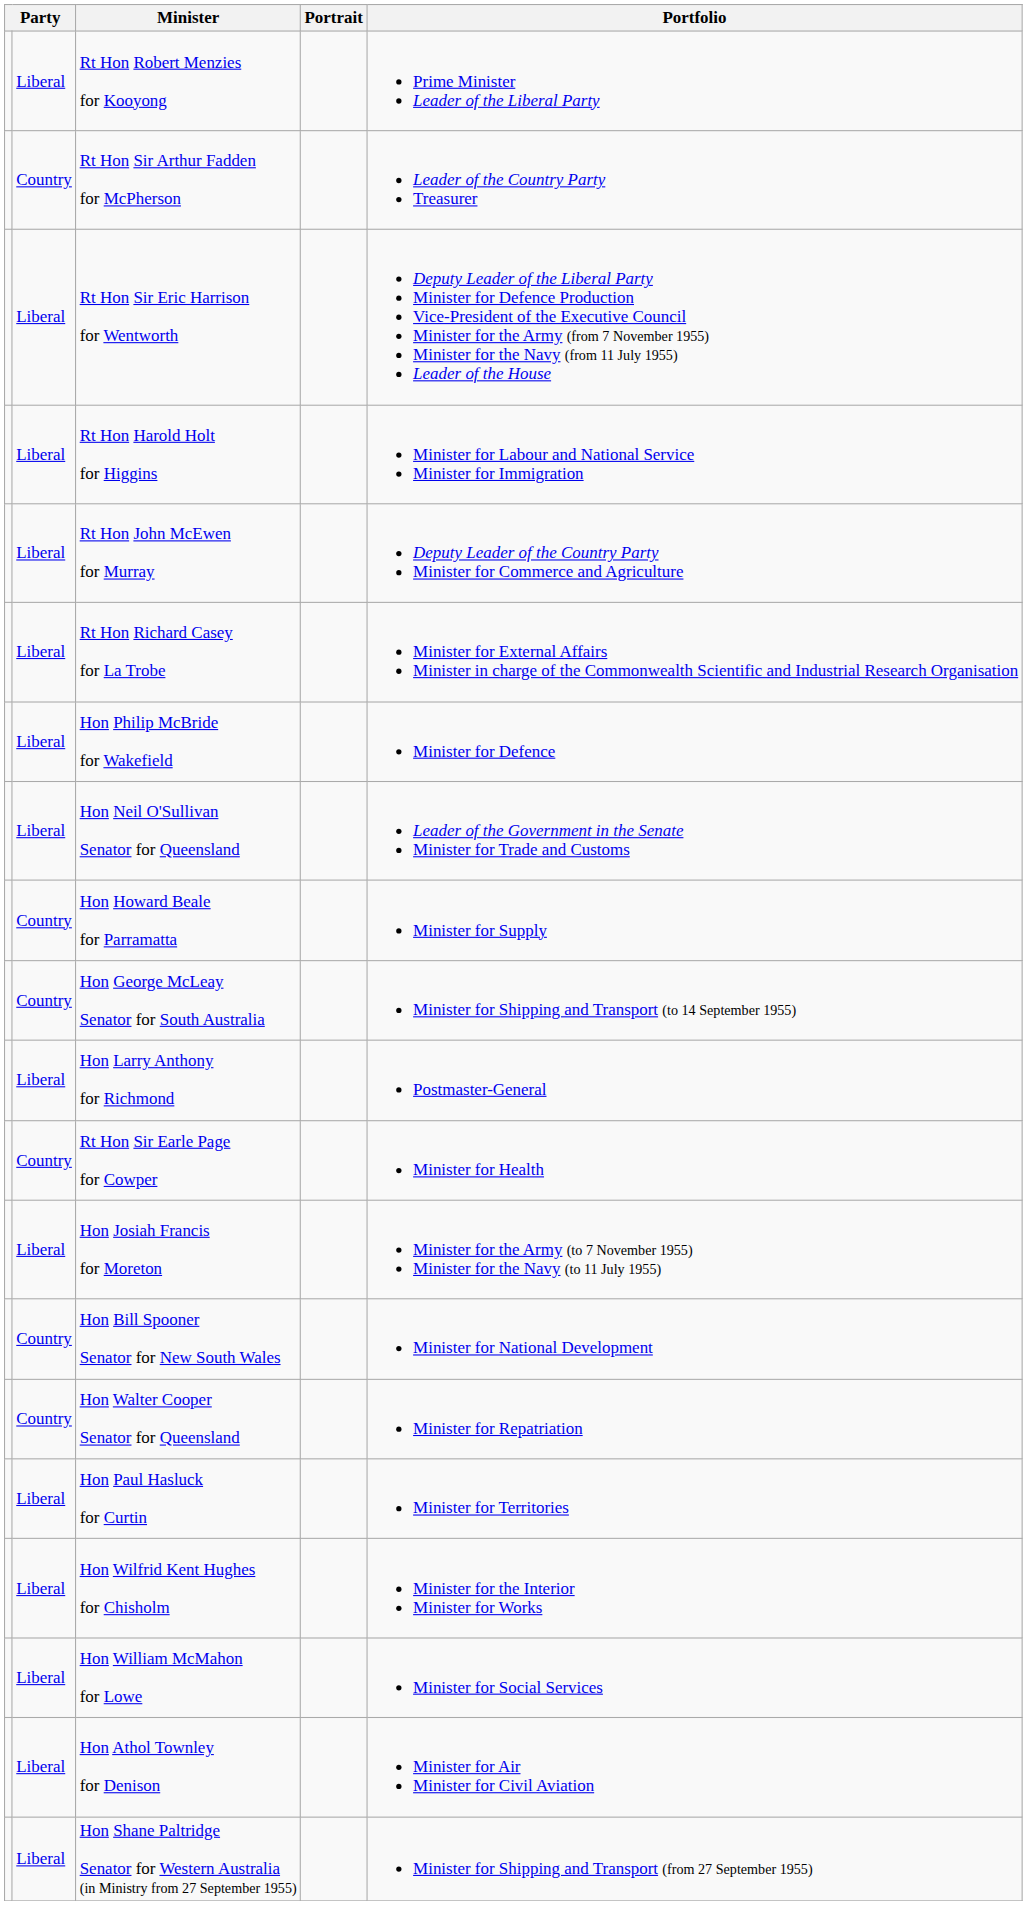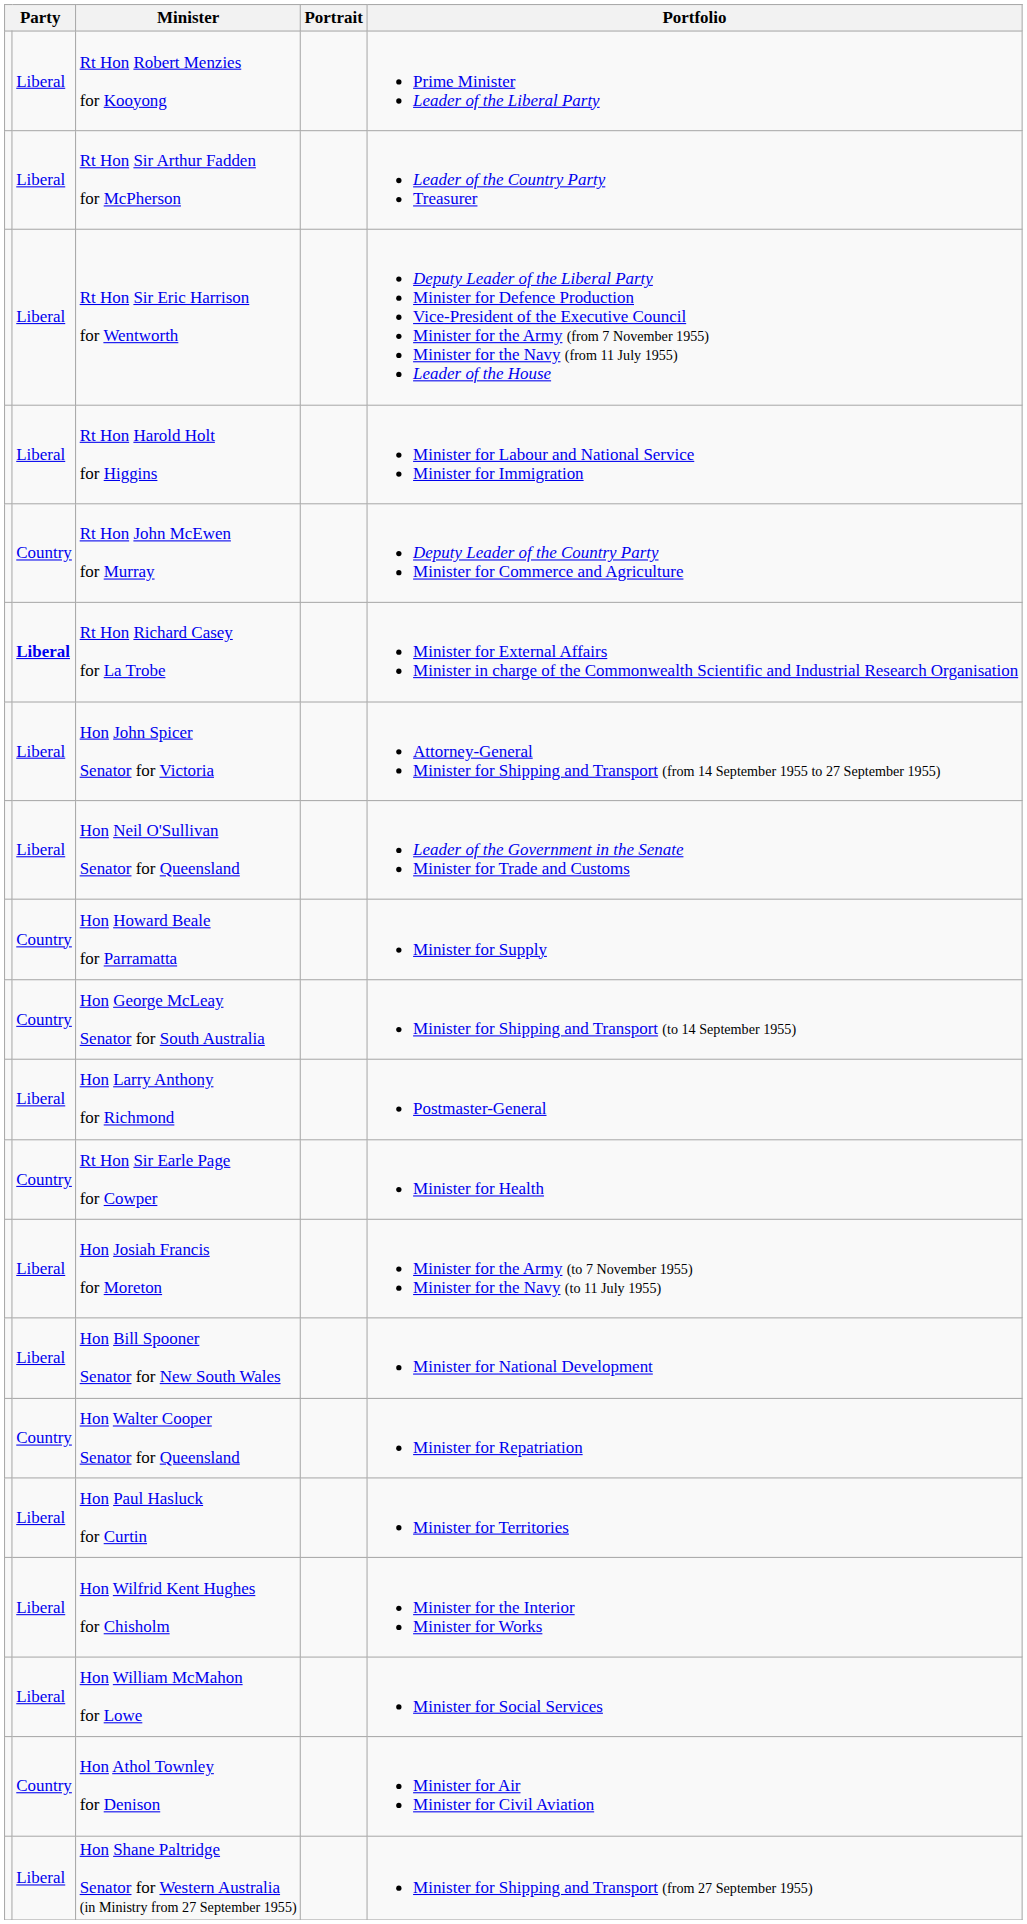 <table class="wikitable sortable">
 <tr>
 <th colspan="2">Party</th>
 <th>Minister</th>
 <th>Portrait</th>
 <th>Portfolio</th>
 </tr>
 <tr>
 <td></td>
 <td><a href='#'>Liberal</a></td>
 <td><a href='#'>Rt Hon</a> <a href='#'>Robert Menzies</a>   <br><br> for <a href='#'>Kooyong</a> <br></td>
 <td></td>
 <td><br><ul><li><a href='#'>Prime Minister</a></li><li><em><a href='#'>Leader of the Liberal Party</a></em></li></ul></td>
 </tr>
 <tr>
 <td></td>
-<td><a href='#'>Country</a></td>
+<td><a href='#'>Liberal</a></td>
 <td><a href='#'>Rt Hon</a> <a href='#'>Sir Arthur Fadden</a>  <br><br> for <a href='#'>McPherson</a> <br></td>
 <td></td>
 <td><br><ul><li><em><a href='#'>Leader of the Country Party</a></em></li><li><a href='#'>Treasurer</a></li></ul></td>
 </tr>
 <tr>
 <td></td>
 <td><a href='#'>Liberal</a></td>
 <td><a href='#'>Rt Hon</a> <a href='#'>Sir Eric Harrison</a>  <br><br> for <a href='#'>Wentworth</a> <br></td>
 <td></td>
 <td><br><ul><li><em><a href='#'>Deputy Leader of the Liberal Party</a></em></li><li><a href='#'>Minister for Defence Production</a></li><li><a href='#'>Vice-President of the Executive Council</a></li><li><a href='#'>Minister for the Army</a> <small>(from 7 November 1955)</small></li><li><a href='#'>Minister for the Navy</a> <small>(from 11 July 1955)</small></li><li><em><a href='#'>Leader of the House</a></em></li></ul></td>
 </tr>
 <tr>
 <td></td>
 <td><a href='#'>Liberal</a></td>
 <td><a href='#'>Rt Hon</a> <a href='#'>Harold Holt</a> <br><br> for <a href='#'>Higgins</a> <br></td>
 <td></td>
 <td><br><ul><li><a href='#'>Minister for Labour and National Service</a></li><li><a href='#'>Minister for Immigration</a></li></ul></td>
 </tr>
 <tr>
 <td></td>
-<td><a href='#'>Liberal</a></td>
+<td><a href='#'>Country</a></td>
 <td><a href='#'>Rt Hon</a> <a href='#'>John McEwen</a> <br><br> for <a href='#'>Murray</a> <br></td>
 <td></td>
 <td><br><ul><li><em><a href='#'>Deputy Leader of the Country Party</a></em></li><li><a href='#'>Minister for Commerce and Agriculture</a></li></ul></td>
 </tr>
 <tr>
 <td></td>
-<td><a href='#'>Liberal</a></td>
+<td><strong><a href='#'>Liberal</a></strong></td>
 <td><a href='#'>Rt Hon</a> <a href='#'>Richard Casey</a>    <br><br> for <a href='#'>La Trobe</a> <br></td>
 <td></td>
 <td><br><ul><li><a href='#'>Minister for External Affairs</a></li><li><a href='#'>Minister in charge of the Commonwealth Scientific and Industrial Research Organisation</a></li></ul></td>
 </tr>
 <tr>
 <td></td>
 <td><a href='#'>Liberal</a></td>
-<td><a href='#'>Hon</a> <a href='#'>Philip McBride</a> <br><br> for <a href='#'>Wakefield</a> <br></td>
+<td><a href='#'>Hon</a> <a href='#'>John Spicer</a>  <br><br><a href='#'>Senator</a> for <a href='#'>Victoria</a> <br></td>
 <td></td>
-<td><br><ul><li><a href='#'>Minister for Defence</a></li></ul></td>
+<td><br><ul><li><a href='#'>Attorney-General</a></li><li><a href='#'>Minister for Shipping and Transport</a> <small>(from 14 September 1955 to 27 September 1955)</small></li></ul></td>
 </tr>
 <tr>
 <td></td>
 <td><a href='#'>Liberal</a></td>
 <td><a href='#'>Hon</a> <a href='#'>Neil O'Sullivan</a> <br><br><a href='#'>Senator</a> for <a href='#'>Queensland</a> <br></td>
 <td></td>
 <td><br><ul><li><em><a href='#'>Leader of the Government in the Senate</a></em></li><li><a href='#'>Minister for Trade and Customs</a></li></ul></td>
 </tr>
 <tr>
 <td></td>
 <td><a href='#'>Country</a></td>
 <td><a href='#'>Hon</a> <a href='#'>Howard Beale</a> <br><br> for <a href='#'>Parramatta</a> <br></td>
 <td></td>
 <td><br><ul><li><a href='#'>Minister for Supply</a></li></ul></td>
 </tr>
 <tr>
 <td></td>
 <td><a href='#'>Country</a></td>
 <td><a href='#'>Hon</a> <a href='#'>George McLeay</a> <br><br><a href='#'>Senator</a> for <a href='#'>South Australia</a> <br></td>
 <td></td>
 <td><br><ul><li><a href='#'>Minister for Shipping and Transport</a> <small>(to 14 September 1955)</small></li></ul></td>
 </tr>
 <tr>
 <td></td>
 <td><a href='#'>Liberal</a></td>
 <td><a href='#'>Hon</a> <a href='#'>Larry Anthony</a> <br><br> for <a href='#'>Richmond</a> <br></td>
 <td></td>
 <td><br><ul><li><a href='#'>Postmaster-General</a></li></ul></td>
 </tr>
 <tr>
 <td></td>
 <td><a href='#'>Country</a></td>
 <td><a href='#'>Rt Hon</a> <a href='#'>Sir Earle Page</a>   <br><br> for <a href='#'>Cowper</a> <br></td>
 <td></td>
 <td><br><ul><li><a href='#'>Minister for Health</a></li></ul></td>
 </tr>
 <tr>
 <td></td>
 <td><a href='#'>Liberal</a></td>
 <td><a href='#'>Hon</a> <a href='#'>Josiah Francis</a> <br><br> for <a href='#'>Moreton</a> <br></td>
 <td></td>
 <td><br><ul><li><a href='#'>Minister for the Army</a> <small>(to 7 November 1955)</small></li><li><a href='#'>Minister for the Navy</a> <small>(to 11 July 1955)</small></li></ul></td>
 </tr>
 <tr>
 <td></td>
-<td><a href='#'>Country</a></td>
+<td><a href='#'>Liberal</a></td>
 <td><a href='#'>Hon</a> <a href='#'>Bill Spooner</a>  <br><br><a href='#'>Senator</a> for <a href='#'>New South Wales</a> <br></td>
 <td></td>
 <td><br><ul><li><a href='#'>Minister for National Development</a></li></ul></td>
 </tr>
 <tr>
 <td></td>
 <td><a href='#'>Country</a></td>
 <td><a href='#'>Hon</a> <a href='#'>Walter Cooper</a>  <br><br><a href='#'>Senator</a> for <a href='#'>Queensland</a> <br></td>
 <td></td>
 <td><br><ul><li><a href='#'>Minister for Repatriation</a></li></ul></td>
 </tr>
 <tr>
 <td></td>
 <td><a href='#'>Liberal</a></td>
 <td><a href='#'>Hon</a> <a href='#'>Paul Hasluck</a> <br><br> for <a href='#'>Curtin</a> <br></td>
 <td></td>
 <td><br><ul><li><a href='#'>Minister for Territories</a></li></ul></td>
 </tr>
 <tr>
 <td></td>
 <td><a href='#'>Liberal</a></td>
 <td><a href='#'>Hon</a> <a href='#'>Wilfrid Kent Hughes</a>   <br><br> for <a href='#'>Chisholm</a> <br></td>
 <td></td>
 <td><br><ul><li><a href='#'>Minister for the Interior</a></li><li><a href='#'>Minister for Works</a></li></ul></td>
 </tr>
 <tr>
 <td></td>
 <td><a href='#'>Liberal</a></td>
 <td><a href='#'>Hon</a> <a href='#'>William McMahon</a> <br><br> for <a href='#'>Lowe</a> <br></td>
 <td></td>
 <td><br><ul><li><a href='#'>Minister for Social Services</a></li></ul></td>
 </tr>
 <tr>
 <td></td>
-<td><a href='#'>Liberal</a></td>
+<td><a href='#'>Country</a></td>
 <td><a href='#'>Hon</a> <a href='#'>Athol Townley</a> <br><br> for <a href='#'>Denison</a> <br></td>
 <td></td>
 <td><br><ul><li><a href='#'>Minister for Air</a></li><li><a href='#'>Minister for Civil Aviation</a></li></ul></td>
 </tr>
 <tr>
 <td></td>
 <td><a href='#'>Liberal</a></td>
 <td><a href='#'>Hon</a> <a href='#'>Shane Paltridge</a> <br><br><a href='#'>Senator</a> for <a href='#'>Western Australia</a> <br> <small>(in Ministry from 27 September 1955)</small></td>
 <td></td>
 <td><br><ul><li><a href='#'>Minister for Shipping and Transport</a> <small>(from 27 September 1955)</small></li></ul></td>
 </tr>
 </table>
